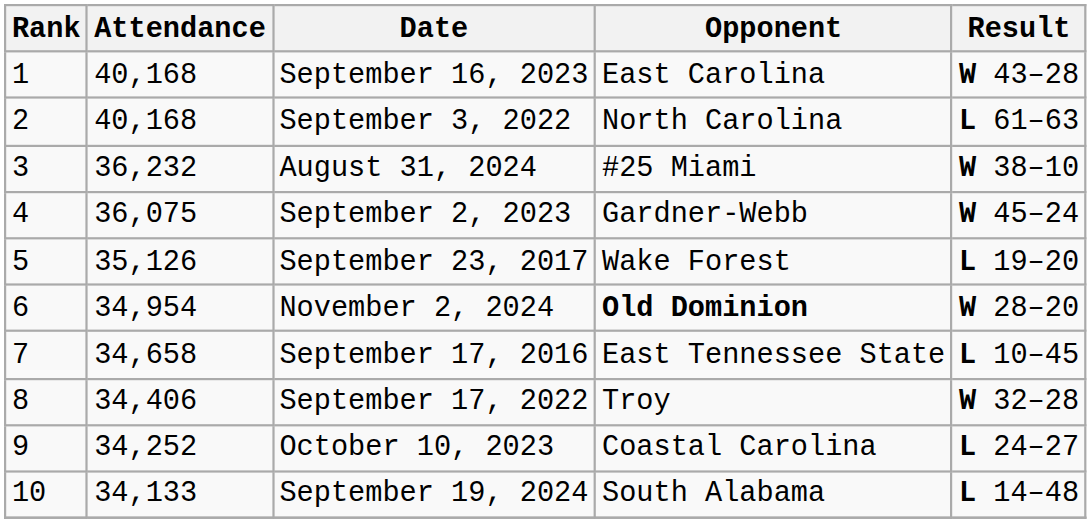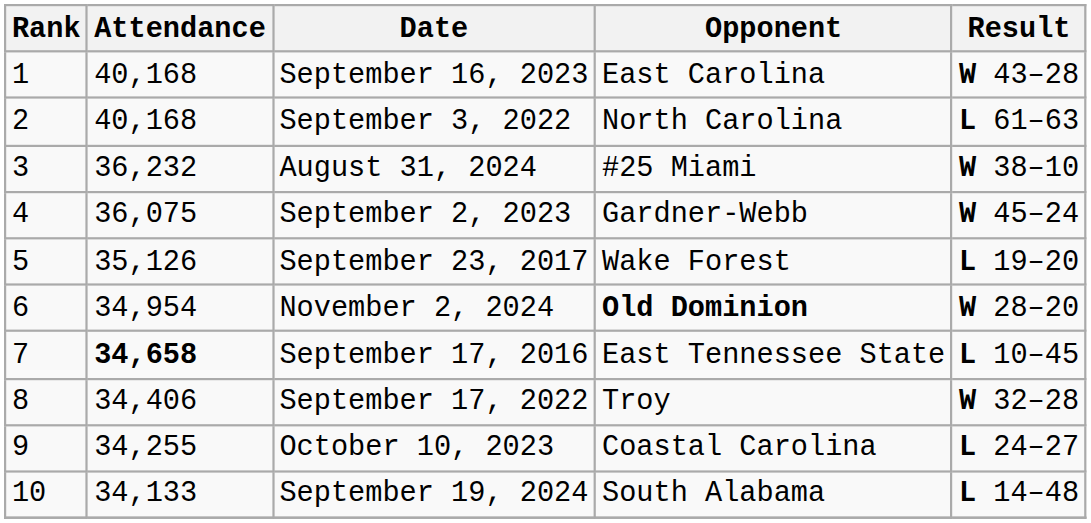 <table class="wikitable">
 <tr>
 <th>Rank</th>
 <th>Attendance</th>
 <th>Date</th>
 <th>Opponent</th>
 <th>Result</th>
 </tr>
 <tr>
 <td>1</td>
 <td>40,168</td>
 <td>September 16, 2023</td>
 <td>East Carolina</td>
 <td><strong>W</strong> 43–28</td>
 </tr>
 <tr>
 <td>2</td>
 <td>40,168</td>
 <td>September 3, 2022</td>
 <td>North Carolina</td>
 <td><strong>L</strong> 61–63</td>
 </tr>
 <tr>
 <td>3</td>
 <td>36,232</td>
 <td>August 31, 2024</td>
 <td>#25 Miami</td>
 <td><strong>W</strong> 38–10</td>
 </tr>
 <tr>
 <td>4</td>
 <td>36,075</td>
 <td>September 2, 2023</td>
 <td>Gardner-Webb</td>
 <td><strong>W</strong> 45–24</td>
 </tr>
 <tr>
 <td>5</td>
 <td>35,126</td>
 <td>September 23, 2017</td>
 <td>Wake Forest</td>
 <td><strong>L</strong> 19–20</td>
 </tr>
 <tr>
 <td>6</td>
 <td>34,954</td>
 <td>November 2, 2024</td>
 <td><strong>Old Dominion</strong></td>
 <td><strong>W</strong> 28–20</td>
 </tr>
 <tr>
 <td>7</td>
-<td>34,658</td>
+<td><strong>34,658</strong></td>
 <td>September 17, 2016</td>
 <td>East Tennessee State</td>
 <td><strong>L</strong> 10–45</td>
 </tr>
 <tr>
 <td>8</td>
 <td>34,406</td>
 <td>September 17, 2022</td>
 <td>Troy</td>
 <td><strong>W</strong> 32–28</td>
 </tr>
 <tr>
 <td>9</td>
-<td>34,252</td>
+<td>34,255</td>
 <td>October 10, 2023</td>
 <td>Coastal Carolina</td>
 <td><strong>L</strong> 24–27</td>
 </tr>
 <tr>
 <td>10</td>
 <td>34,133</td>
 <td>September 19, 2024</td>
 <td>South Alabama</td>
 <td><strong>L</strong> 14–48</td>
 </tr>
 <tr>
 </tr>
 </table>
